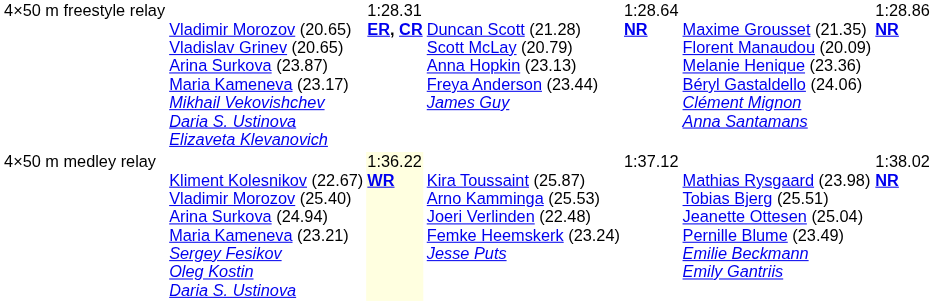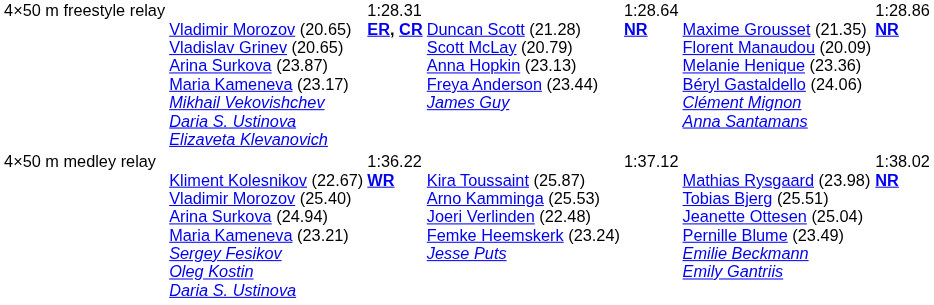 <table>
 <tr valign="top">
 <td>4×50 m freestyle relay</td>
 <td><br><a href='#'>Vladimir Morozov</a> (20.65)<br><a href='#'>Vladislav Grinev</a> (20.65)<br><a href='#'>Arina Surkova</a> (23.87)<br><a href='#'>Maria Kameneva</a> (23.17)<br><em><a href='#'>Mikhail Vekovishchev</a><br><a href='#'>Daria S. Ustinova</a><br><a href='#'>Elizaveta Klevanovich</a></em></td>
 <td>1:28.31<br><strong><a href='#'>ER</a>, <a href='#'>CR</a></strong></td>
 <td><br><a href='#'>Duncan Scott</a> (21.28)<br><a href='#'>Scott McLay</a> (20.79)<br><a href='#'>Anna Hopkin</a> (23.13)<br><a href='#'>Freya Anderson</a> (23.44)<br><em><a href='#'>James Guy</a></em></td>
 <td>1:28.64<br><strong><a href='#'>NR</a></strong></td>
 <td><br><a href='#'>Maxime Grousset</a> (21.35)<br><a href='#'>Florent Manaudou</a> (20.09)<br><a href='#'>Melanie Henique</a> (23.36)<br><a href='#'>Béryl Gastaldello</a> (24.06)<br><em><a href='#'>Clément Mignon</a><br><a href='#'>Anna Santamans</a></em></td>
 <td>1:28.86<br><strong><a href='#'>NR</a></strong></td>
 </tr>
 <tr valign="top">
 <td>4×50 m medley relay</td>
 <td><br><a href='#'>Kliment Kolesnikov</a> (22.67)<br><a href='#'>Vladimir Morozov</a> (25.40)<br><a href='#'>Arina Surkova</a> (24.94)<br><a href='#'>Maria Kameneva</a> (23.21)<br><em><a href='#'>Sergey Fesikov</a><br><a href='#'>Oleg Kostin</a><br><a href='#'>Daria S. Ustinova</a></em></td>
-<td style="background: lightyellow;">1:36.22<br><strong><a href='#'>WR</a></strong></td>
+<td>1:36.22<br><strong><a href='#'>WR</a></strong></td>
 <td><br><a href='#'>Kira Toussaint</a> (25.87)<br><a href='#'>Arno Kamminga</a> (25.53)<br><a href='#'>Joeri Verlinden</a> (22.48)<br><a href='#'>Femke Heemskerk</a> (23.24)<br><em><a href='#'>Jesse Puts</a></em></td>
 <td>1:37.12</td>
 <td><br><a href='#'>Mathias Rysgaard</a> (23.98)<br><a href='#'>Tobias Bjerg</a> (25.51)<br><a href='#'>Jeanette Ottesen</a> (25.04)<br><a href='#'>Pernille Blume</a> (23.49)<br><em><a href='#'>Emilie Beckmann</a><br><a href='#'>Emily Gantriis</a></td>
 <td>1:38.02<br><strong><a href='#'>NR</a></strong></td>
 </tr>
 </table>
